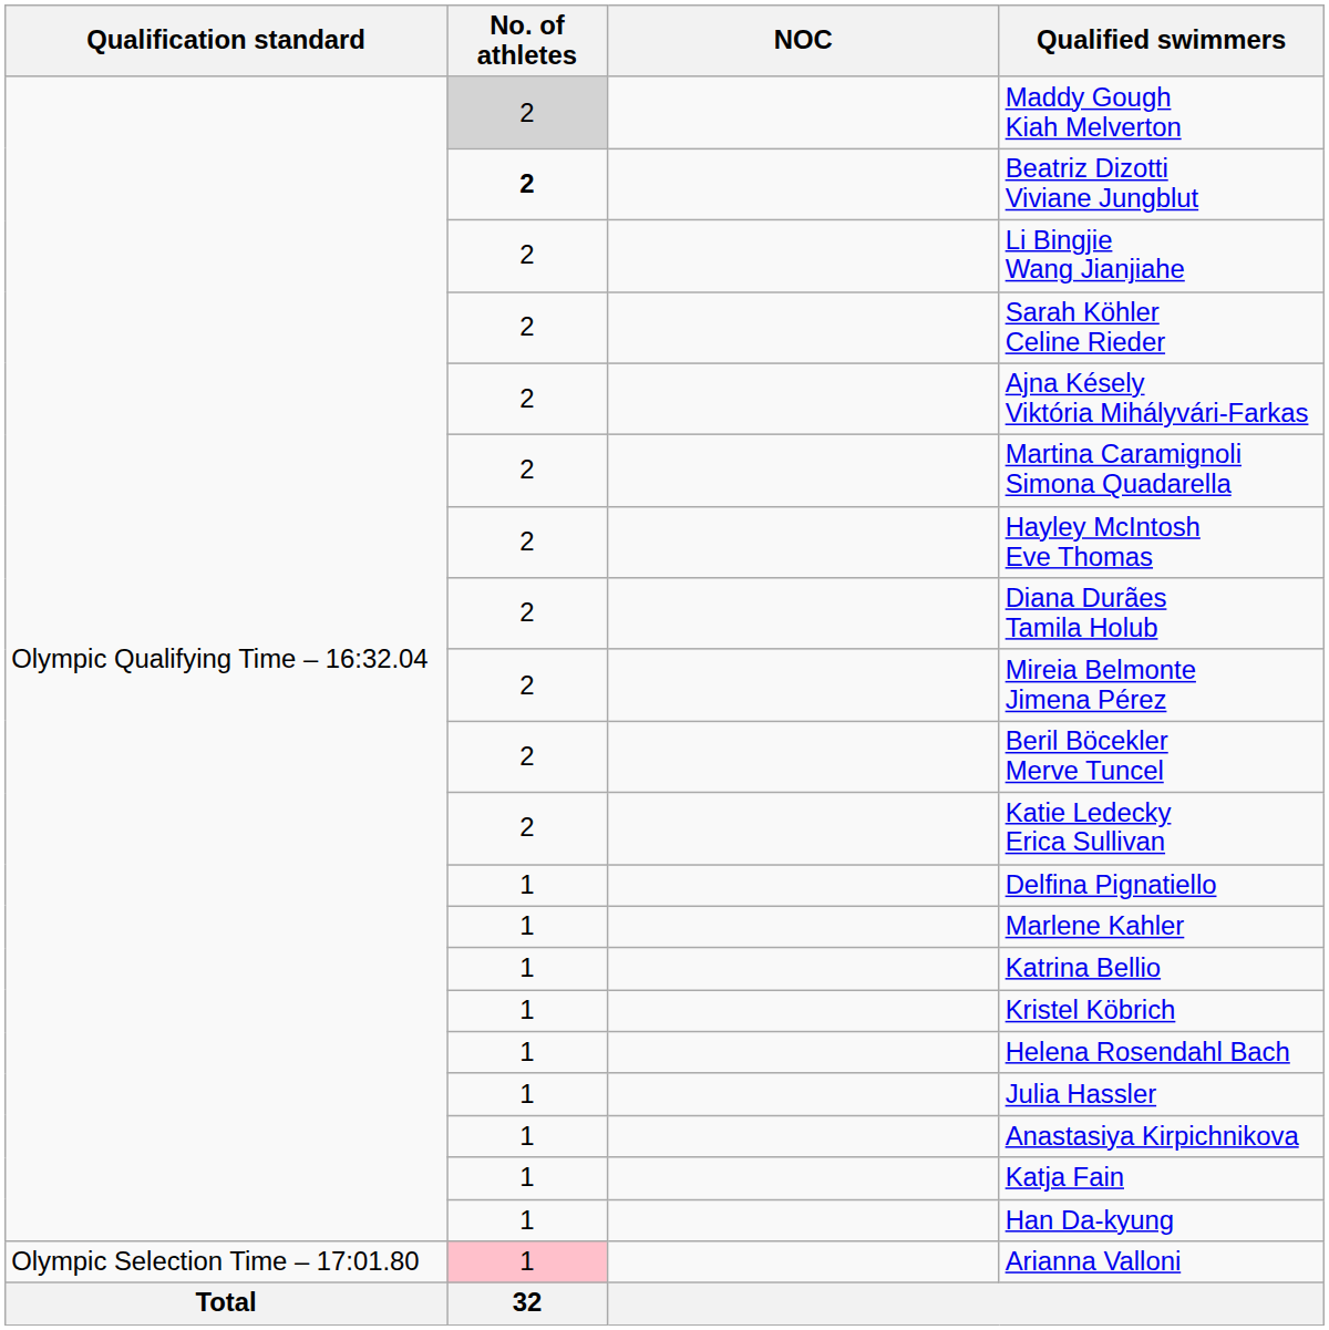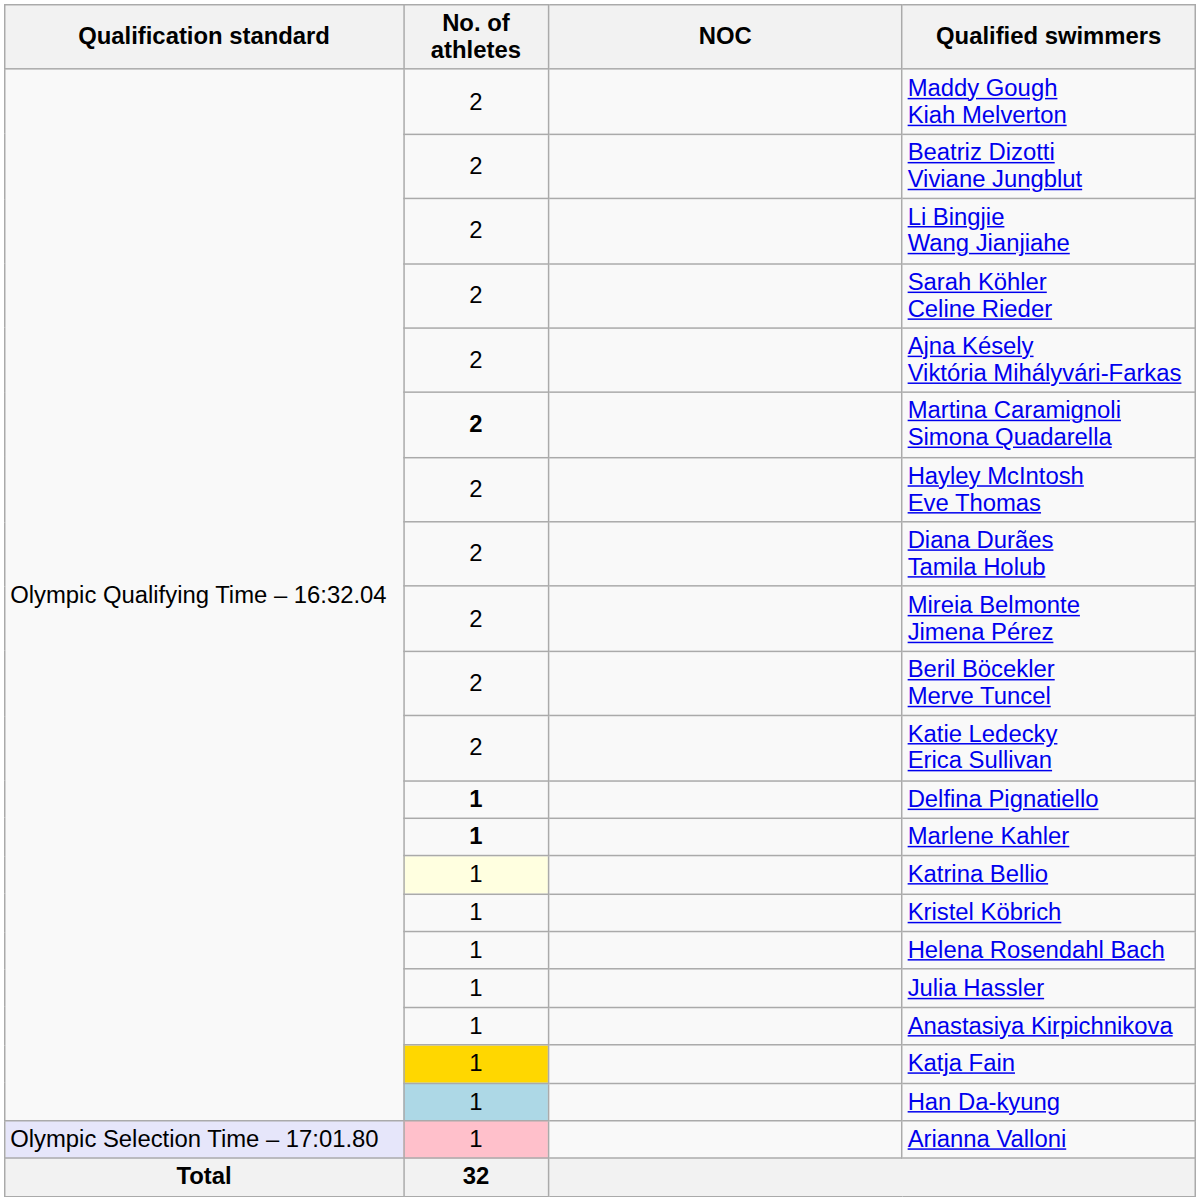 <table class=wikitable style="text-align:left" width=800>
 <tr>
 <th>Qualification standard</th>
 <th width=90>No. of athletes</th>
 <th width=230>NOC</th>
 <th>Qualified swimmers</th>
 </tr>
 <tr>
 <td rowspan=20>Olympic Qualifying Time – 16:32.04</td>
-<td align=center style="background: lightgrey;">2</td>
+<td align=center>2</td>
 <td></td>
 <td><a href='#'>Maddy Gough</a><br><a href='#'>Kiah Melverton</a></td>
 </tr>
 <tr>
-<td align=center><strong>2</strong></td>
+<td align=center>2</td>
 <td></td>
 <td><a href='#'>Beatriz Dizotti</a><br><a href='#'>Viviane Jungblut</a></td>
 </tr>
 <tr>
 <td align=center>2</td>
 <td></td>
 <td><a href='#'>Li Bingjie</a><br><a href='#'>Wang Jianjiahe</a></td>
 </tr>
 <tr>
 <td align=center>2</td>
 <td></td>
 <td><a href='#'>Sarah Köhler</a><br><a href='#'>Celine Rieder</a></td>
 </tr>
 <tr>
 <td align=center>2</td>
 <td></td>
 <td><a href='#'>Ajna Késely</a><br><a href='#'>Viktória Mihályvári-Farkas</a></td>
 </tr>
 <tr>
-<td align=center>2</td>
+<td align=center><strong>2</strong></td>
 <td></td>
 <td><a href='#'>Martina Caramignoli</a><br><a href='#'>Simona Quadarella</a></td>
 </tr>
 <tr>
 <td align=center>2</td>
 <td></td>
 <td><a href='#'>Hayley McIntosh</a><br><a href='#'>Eve Thomas</a></td>
 </tr>
 <tr>
 <td align=center>2</td>
 <td></td>
 <td><a href='#'>Diana Durães</a><br><a href='#'>Tamila Holub</a></td>
 </tr>
 <tr>
 <td align=center>2</td>
 <td></td>
 <td><a href='#'>Mireia Belmonte</a><br><a href='#'>Jimena Pérez</a></td>
 </tr>
 <tr>
 <td align=center>2</td>
 <td></td>
 <td><a href='#'>Beril Böcekler</a><br><a href='#'>Merve Tuncel</a></td>
 </tr>
 <tr>
 <td align=center>2</td>
 <td></td>
 <td><a href='#'>Katie Ledecky</a><br><a href='#'>Erica Sullivan</a></td>
 </tr>
 <tr>
-<td align=center>1</td>
+<td align=center><strong>1</strong></td>
 <td></td>
 <td><a href='#'>Delfina Pignatiello</a></td>
 </tr>
 <tr>
-<td align=center>1</td>
+<td align=center><strong>1</strong></td>
 <td></td>
 <td><a href='#'>Marlene Kahler</a></td>
 </tr>
 <tr>
-<td align=center>1</td>
+<td align=center style="background: lightyellow;">1</td>
 <td></td>
 <td><a href='#'>Katrina Bellio</a></td>
 </tr>
 <tr>
 <td align=center>1</td>
 <td></td>
 <td><a href='#'>Kristel Köbrich</a></td>
 </tr>
 <tr>
 <td align=center>1</td>
 <td></td>
 <td><a href='#'>Helena Rosendahl Bach</a></td>
 </tr>
 <tr>
 <td align=center>1</td>
 <td></td>
 <td><a href='#'>Julia Hassler</a></td>
 </tr>
 <tr>
 <td align=center>1</td>
 <td></td>
 <td><a href='#'>Anastasiya Kirpichnikova</a></td>
 </tr>
 <tr>
-<td align=center>1</td>
+<td align=center style="background: gold;">1</td>
 <td></td>
 <td><a href='#'>Katja Fain</a></td>
 </tr>
 <tr>
-<td align=center>1</td>
+<td align=center style="background: lightblue;">1</td>
 <td></td>
 <td><a href='#'>Han Da-kyung</a></td>
 </tr>
 <tr>
-<td rowspan=1>Olympic Selection Time – 17:01.80</td>
+<td rowspan=1 style="background: lavender;">Olympic Selection Time – 17:01.80</td>
 <td align=center style="background: pink;">1</td>
 <td></td>
 <td><a href='#'>Arianna Valloni</a></td>
 </tr>
 <tr>
 <th><strong>Total</strong></th>
 <th>32</th>
 <th colspan=2></th>
 </tr>
 </table>
